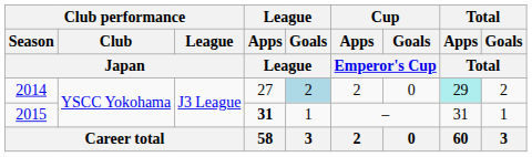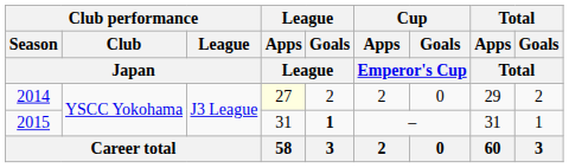 <table class="wikitable" style="text-align:center">
 <tr>
 <th colspan=3>Club performance</th>
 <th colspan=2>League</th>
 <th colspan=2>Cup</th>
 <th colspan=2>Total</th>
 </tr>
 <tr>
 <th>Season</th>
 <th>Club</th>
 <th>League</th>
 <th>Apps</th>
 <th>Goals</th>
 <th>Apps</th>
 <th>Goals</th>
 <th>Apps</th>
 <th>Goals</th>
 </tr>
 <tr>
 <th colspan=3>Japan</th>
 <th colspan=2>League</th>
 <th colspan=2><a href='#'>Emperor's Cup</a></th>
 <th colspan=2>Total</th>
 </tr>
 <tr>
 <td><a href='#'>2014</a></td>
 <td rowspan="2"><a href='#'>YSCC Yokohama</a></td>
 <td rowspan="2"><a href='#'>J3 League</a></td>
-<td>27</td>
-<td style="background: lightblue;">2</td>
+<td style="background: lightyellow;">27</td>
+<td>2</td>
 <td>2</td>
 <td>0</td>
-<td style="background: paleturquoise;">29</td>
+<td>29</td>
 <td>2</td>
 </tr>
 <tr>
 <td><a href='#'>2015</a></td>
-<td><strong>31</strong></td>
-<td>1</td>
+<td>31</td>
+<td><strong>1</strong></td>
 <td colspan="2">–</td>
 <td>31</td>
 <td>1</td>
 </tr>
 <tr>
 <th colspan=3>Career total</th>
 <th>58</th>
 <th>3</th>
 <th>2</th>
 <th>0</th>
 <th>60</th>
 <th>3</th>
 </tr>
 </table>
